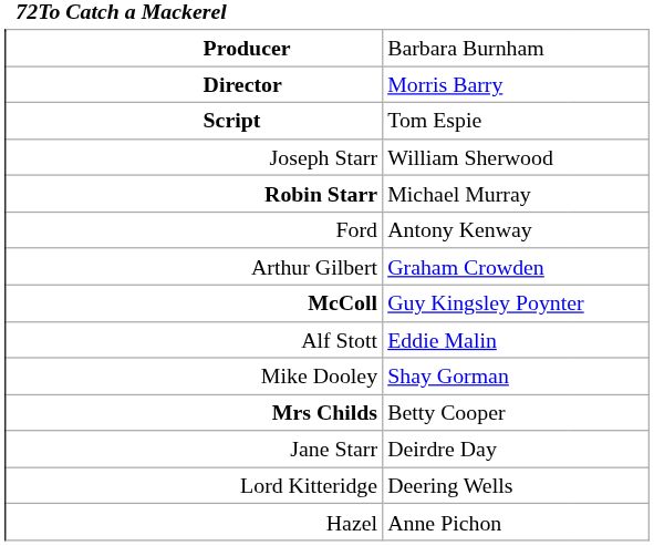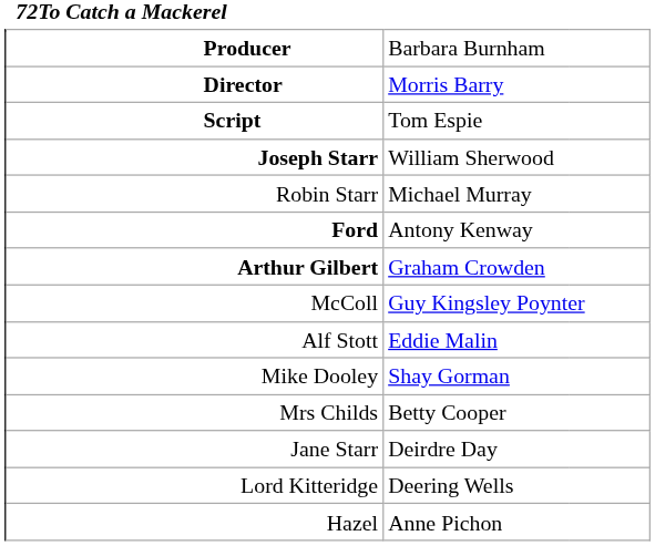 <table class="wikitable mw-collapsible mw-collapsed" style="vertical-align:top;margin:auto 2em;line-height:1.2;min-width:33em;display: inline-table;background-color:inherit;border:none;">
 <tr>
 <td class=unsortable style="border:hidden;line-height:1.67;text-align:center;margin-left:-1em;padding-left:0.5em;min-width:1.0em;"></td>
 <td class=unsortable style="border:none;padding-left:0.5em;text-align:left;min-width:16.5em;font-weight:700;font-style:italic;">72To Catch a Mackerel</td>
 <td class=unsortable style="border:none;text-align:right;font-weight:normal;font-family:Courier;font-size:95%;letter-spacing:-1pt;min-width:8.5em;padding-right:0.2em;"></td>
 <td class=unsortable style="border:hidden;min-width:3.5em;padding-left:0;"></td>
 <td class=unsortable style="border:hidden;min-width:3.5em;font-size:95%;"></td>
 </tr>
 <tr>
 <td rowspan=100 style="border:none thin;border-right-style :solid;"></td>
 </tr>
 <tr>
 <td style="text-align:left;padding-left:9.0em;font-weight:bold;">Producer</td>
 <td colspan=2>Barbara Burnham</td>
 </tr>
 <tr>
 <td style="text-align:left;padding-left:9.0em;font-weight:bold;">Director</td>
 <td colspan=2><a href='#'>Morris Barry</a></td>
 </tr>
 <tr>
 <td style="text-align:left;padding-left:9.0em;font-weight:bold;">Script</td>
 <td colspan=2>Tom Espie</td>
 </tr>
 <tr>
-<td style="text-align:right;">Joseph Starr</td>
+<td style="text-align:right;"><strong>Joseph Starr</strong></td>
 <td colspan=2>William Sherwood</td>
 </tr>
 <tr>
-<td style="text-align:right;"><strong>Robin Starr</strong></td>
+<td style="text-align:right;">Robin Starr</td>
 <td colspan=2>Michael Murray</td>
 </tr>
 <tr>
-<td style="text-align:right;">Ford</td>
+<td style="text-align:right;"><strong>Ford</strong></td>
 <td colspan=2>Antony Kenway</td>
 </tr>
 <tr>
-<td style="text-align:right;">Arthur Gilbert</td>
+<td style="text-align:right;"><strong>Arthur Gilbert</strong></td>
 <td colspan=2><a href='#'>Graham Crowden</a></td>
 </tr>
 <tr>
-<td style="text-align:right;"><strong>McColl</strong></td>
+<td style="text-align:right;">McColl</td>
 <td colspan=2><a href='#'>Guy Kingsley Poynter</a></td>
 </tr>
 <tr>
 <td style="text-align:right;">Alf Stott</td>
 <td colspan=2><a href='#'>Eddie Malin</a></td>
 </tr>
 <tr>
 <td style="text-align:right;">Mike Dooley</td>
 <td colspan=2><a href='#'>Shay Gorman</a></td>
 </tr>
 <tr>
-<td style="text-align:right;"><strong>Mrs Childs</strong></td>
+<td style="text-align:right;">Mrs Childs</td>
 <td colspan=2>Betty Cooper</td>
 </tr>
 <tr>
 <td style="text-align:right;">Jane Starr</td>
 <td colspan=2>Deirdre Day</td>
 </tr>
 <tr>
 <td style="text-align:right;">Lord Kitteridge</td>
 <td colspan=2>Deering Wells</td>
 </tr>
 <tr>
 <td style="text-align:right;">Hazel</td>
 <td colspan=2>Anne Pichon</td>
 </tr>
 </table>
